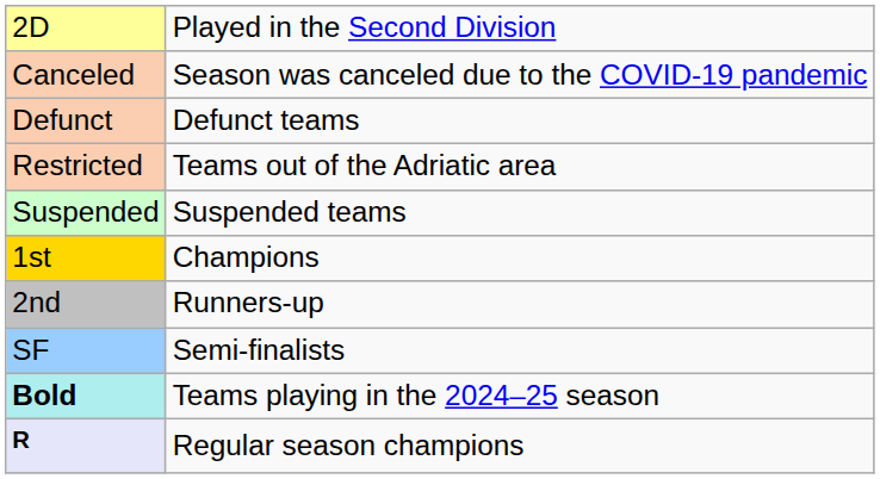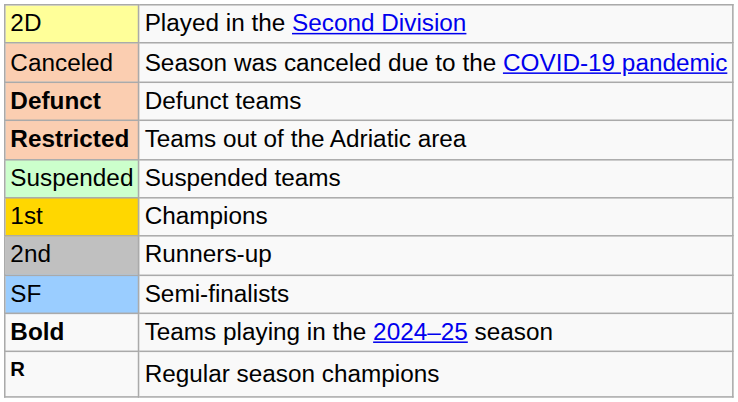 <table class="wikitable">
 <tr>
 <td style="background-color:#FFFF99" width="80px">2D</td>
 <td colspan="6">Played in the <a href='#'>Second Division</a></td>
 </tr>
 <tr>
 <td style="background-color:#FBCEB1" width="80px">Canceled</td>
 <td colspan="6">Season was canceled due to the <a href='#'>COVID-19 pandemic</a></td>
 </tr>
 <tr>
-<td style="background-color:#FBCEB1" width="80px">Defunct</td>
+<td style="background-color:#FBCEB1" width="80px"><strong>Defunct</strong></td>
 <td colspan="6">Defunct teams</td>
 </tr>
 <tr>
-<td style="background-color:#FBCEB1" width="80px">Restricted</td>
+<td style="background-color:#FBCEB1" width="80px"><strong>Restricted</strong></td>
 <td colspan="6">Teams out of the Adriatic area</td>
 </tr>
 <tr>
 <td style="background-color:#CCFFCC" width="80px">Suspended</td>
 <td colspan="6">Suspended teams</td>
 </tr>
 <tr>
 <td style="background-color:gold" width="80px">1st</td>
 <td colspan="6">Champions</td>
 </tr>
 <tr>
 <td style="background-color:silver" width="80px">2nd</td>
 <td colspan="6">Runners-up</td>
 </tr>
 <tr>
 <td style="background-color:#9acdff" width="80px">SF</td>
 <td colspan="6">Semi-finalists</td>
 </tr>
 <tr>
-<td width="80px" style="background: paleturquoise;"><strong>Bold</strong></td>
+<td width="80px"><strong>Bold</strong></td>
 <td colspan="6">Teams playing in the <a href='#'>2024–25</a> season</td>
 </tr>
 <tr>
-<td width="80px" style="background: lavender;"><sup><strong>R</strong></sup></td>
+<td width="80px"><sup><strong>R</strong></sup></td>
 <td colspan="6">Regular season champions</td>
 </tr>
 </table>
